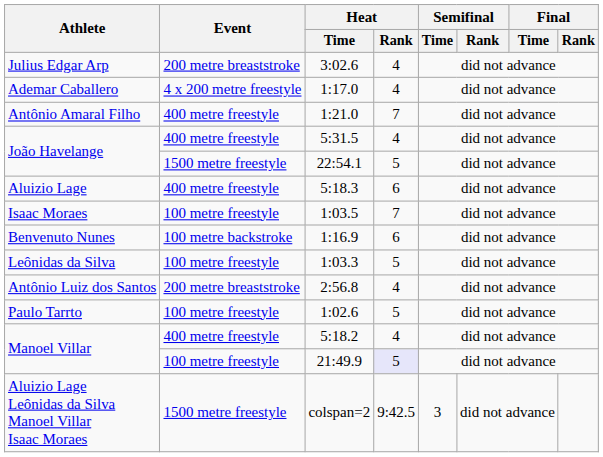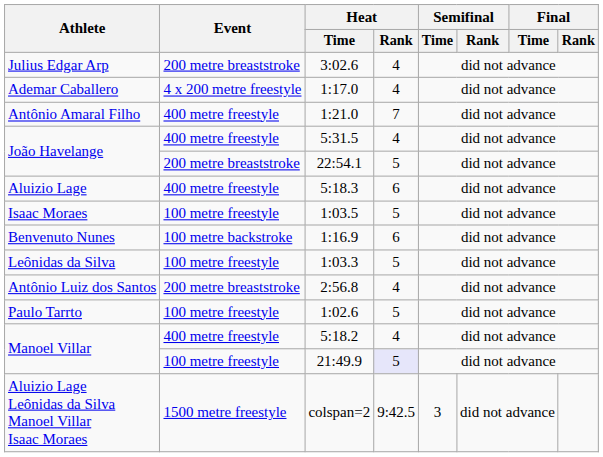 <table class=wikitable style="font-size:90%">
 <tr>
 <th rowspan="2">Athlete</th>
 <th rowspan="2">Event</th>
 <th colspan="2">Heat</th>
 <th colspan="2">Semifinal</th>
 <th colspan="2">Final</th>
 </tr>
 <tr style="font-size:95%">
 <th>Time</th>
 <th>Rank</th>
 <th>Time</th>
 <th>Rank</th>
 <th>Time</th>
 <th>Rank</th>
 </tr>
 <tr align=center>
 <td align=left rowspan=1><a href='#'>Julius Edgar Arp</a></td>
 <td align=left><a href='#'>200 metre breaststroke</a></td>
 <td>3:02.6</td>
 <td>4</td>
 <td colspan=4>did not advance</td>
 </tr>
 <tr align=center>
 <td align=left rowspan=1><a href='#'>Ademar Caballero</a></td>
 <td align=left><a href='#'>4 x 200 metre freestyle</a></td>
 <td>1:17.0</td>
 <td>4</td>
 <td colspan=4>did not advance</td>
 </tr>
 <tr align=center>
 <td align=left rowspan=1><a href='#'>Antônio Amaral Filho</a></td>
 <td align=left><a href='#'>400 metre freestyle</a></td>
 <td>1:21.0</td>
 <td>7</td>
 <td colspan=4>did not advance</td>
 </tr>
 <tr align=center>
 <td align=left rowspan=2><a href='#'>João Havelange</a></td>
 <td align=left><a href='#'>400 metre freestyle</a></td>
 <td>5:31.5</td>
 <td>4</td>
 <td colspan=4>did not advance</td>
 </tr>
 <tr align=center>
-<td align=left><a href='#'>1500 metre freestyle</a></td>
+<td align=left><a href='#'>200 metre breaststroke</a></td>
 <td>22:54.1</td>
 <td>5</td>
 <td colspan=4>did not advance</td>
 </tr>
 <tr align=center>
 <td align=left rowspan=1><a href='#'>Aluizio Lage</a></td>
 <td align=left><a href='#'>400 metre freestyle</a></td>
 <td>5:18.3</td>
 <td>6</td>
 <td colspan=4>did not advance</td>
 </tr>
 <tr align=center>
 <td align=left rowspan=1><a href='#'>Isaac Moraes</a></td>
 <td align=left><a href='#'>100 metre freestyle</a></td>
 <td>1:03.5</td>
-<td>7</td>
+<td>5</td>
 <td colspan=4>did not advance</td>
 </tr>
 <tr align=center>
 <td align=left rowspan=1><a href='#'>Benvenuto Nunes</a></td>
 <td align=left><a href='#'>100 metre backstroke</a></td>
 <td>1:16.9</td>
 <td>6</td>
 <td colspan=4>did not advance</td>
 </tr>
 <tr align=center>
 <td align=left rowspan=1><a href='#'>Leônidas da Silva</a></td>
 <td align=left><a href='#'>100 metre freestyle</a></td>
 <td>1:03.3</td>
 <td>5</td>
 <td colspan=4>did not advance</td>
 </tr>
 <tr align=center>
 <td align=left rowspan=1><a href='#'>Antônio Luiz dos Santos</a></td>
 <td align=left><a href='#'>200 metre breaststroke</a></td>
 <td>2:56.8</td>
 <td>4</td>
 <td colspan=4>did not advance</td>
 </tr>
 <tr align=center>
 <td align=left rowspan=1><a href='#'>Paulo Tarrto</a></td>
 <td align=left><a href='#'>100 metre freestyle</a></td>
 <td>1:02.6</td>
 <td>5</td>
 <td colspan=4>did not advance</td>
 </tr>
 <tr align=center>
 <td align=left rowspan=2><a href='#'>Manoel Villar</a></td>
 <td align=left><a href='#'>400 metre freestyle</a></td>
 <td>5:18.2</td>
 <td>4</td>
 <td colspan=4>did not advance</td>
 </tr>
 <tr align=center>
 <td align=left><a href='#'>100 metre freestyle</a></td>
 <td>21:49.9</td>
 <td style="background: lavender;">5</td>
 <td colspan=4>did not advance</td>
 </tr>
 <tr align=center>
 <td align=left rowspan=1><a href='#'>Aluizio Lage</a><br><a href='#'>Leônidas da Silva</a><br><a href='#'>Manoel Villar</a><br><a href='#'>Isaac Moraes</a></td>
 <td align=left><a href='#'>1500 metre freestyle</a></td>
 <td>colspan=2 </td>
 <td>9:42.5</td>
 <td>3</td>
 <td colspan=2>did not advance</td>
 </tr>
 </table>
